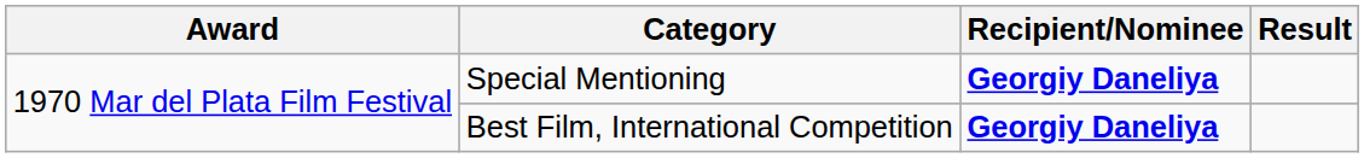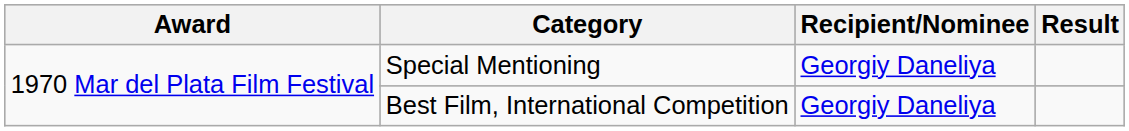 <table class="wikitable plainrowheaders sortable">
 <tr>
 <th scope="col">Award</th>
 <th scope="col">Category</th>
 <th scope="col">Recipient/Nominee</th>
 <th scope="col">Result</th>
 </tr>
 <tr>
 <td rowspan="3">1970 <a href='#'>Mar del Plata Film Festival</a></td>
 <td>Special Mentioning</td>
-<td><strong><a href='#'>Georgiy Daneliya</a></strong></td>
+<td><a href='#'>Georgiy Daneliya</a></td>
 <td></td>
 </tr>
 <tr>
 <td>Best Film, International Competition</td>
-<td><strong><a href='#'>Georgiy Daneliya</a></strong></td>
+<td><a href='#'>Georgiy Daneliya</a></td>
 <td></td>
 </tr>
 </table>
